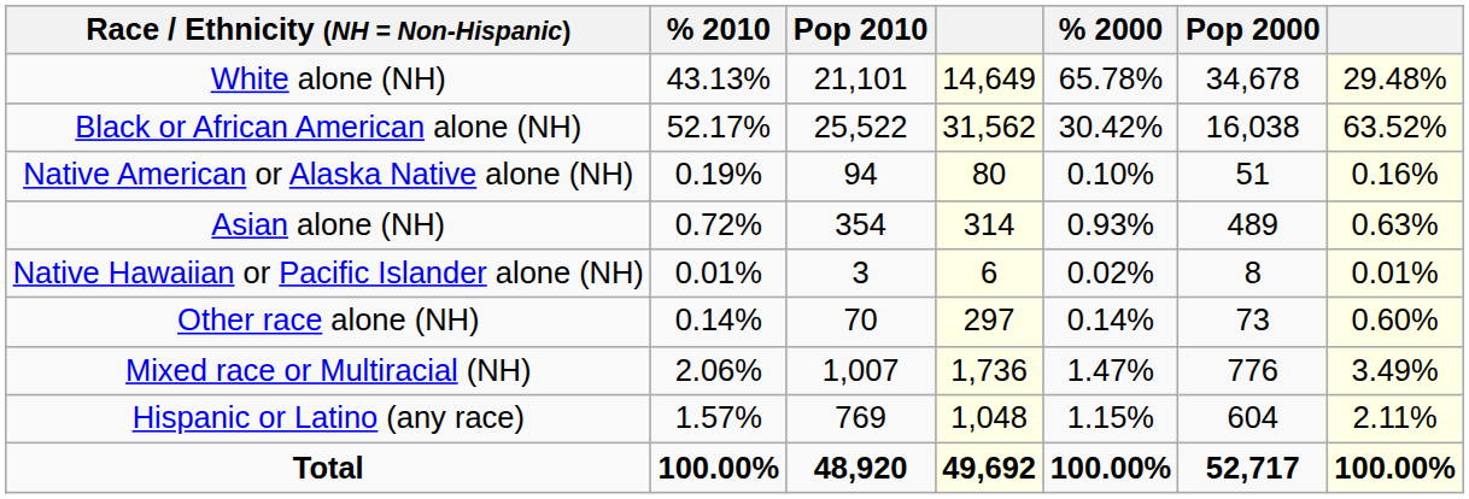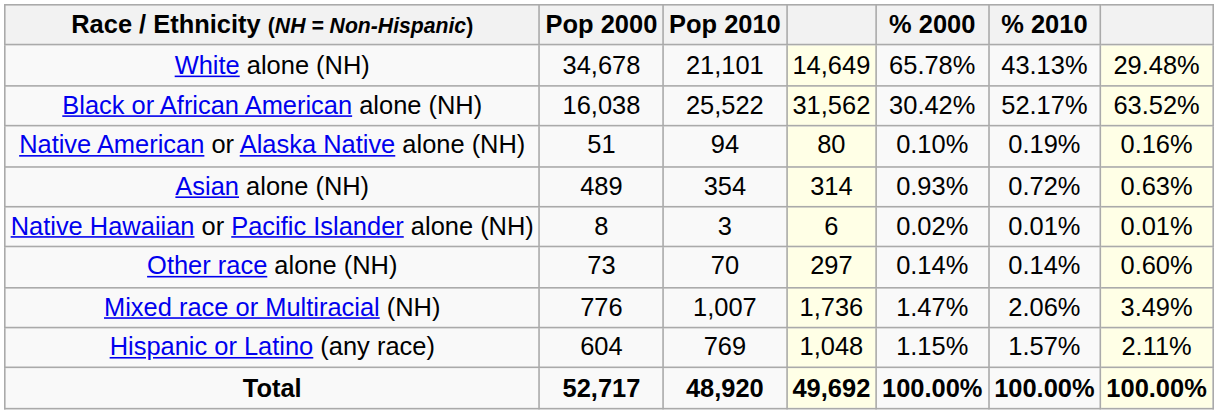 <table class="wikitable" style="text-align:center;">
 <tr>
 <th>Race / Ethnicity <small>(<em>NH = Non-Hispanic</em>)</small></th>
-<th>% 2010</th>
+<th>Pop 2000</th>
 <th>Pop 2010</th>
 <th></th>
 <th>% 2000</th>
-<th>Pop 2000</th>
+<th>% 2010</th>
 <th></th>
 </tr>
 <tr>
 <td><a href='#'>White</a> alone (NH)</td>
-<td>43.13%</td>
+<td>34,678</td>
 <td>21,101</td>
 <td style='background: #ffffe6;'>14,649</td>
 <td>65.78%</td>
-<td>34,678</td>
+<td>43.13%</td>
 <td style='background: #ffffe6;'>29.48%</td>
 </tr>
 <tr>
 <td><a href='#'>Black or African American</a> alone (NH)</td>
-<td>52.17%</td>
+<td>16,038</td>
 <td>25,522</td>
 <td style='background: #ffffe6;'>31,562</td>
 <td>30.42%</td>
-<td>16,038</td>
+<td>52.17%</td>
 <td style='background: #ffffe6;'>63.52%</td>
 </tr>
 <tr>
 <td><a href='#'>Native American</a> or <a href='#'>Alaska Native</a> alone (NH)</td>
-<td>0.19%</td>
+<td>51</td>
 <td>94</td>
 <td style='background: #ffffe6;'>80</td>
 <td>0.10%</td>
-<td>51</td>
+<td>0.19%</td>
 <td style='background: #ffffe6;'>0.16%</td>
 </tr>
 <tr>
 <td><a href='#'>Asian</a> alone (NH)</td>
-<td>0.72%</td>
+<td>489</td>
 <td>354</td>
 <td style='background: #ffffe6;'>314</td>
 <td>0.93%</td>
-<td>489</td>
+<td>0.72%</td>
 <td style='background: #ffffe6;'>0.63%</td>
 </tr>
 <tr>
 <td><a href='#'>Native Hawaiian</a> or <a href='#'>Pacific Islander</a> alone (NH)</td>
-<td>0.01%</td>
+<td>8</td>
 <td>3</td>
 <td style='background: #ffffe6;'>6</td>
 <td>0.02%</td>
-<td>8</td>
+<td>0.01%</td>
 <td style='background: #ffffe6;'>0.01%</td>
 </tr>
 <tr>
 <td><a href='#'>Other race</a> alone (NH)</td>
-<td>0.14%</td>
+<td>73</td>
 <td>70</td>
 <td style='background: #ffffe6;'>297</td>
 <td>0.14%</td>
-<td>73</td>
+<td>0.14%</td>
 <td style='background: #ffffe6;'>0.60%</td>
 </tr>
 <tr>
 <td><a href='#'>Mixed race or Multiracial</a> (NH)</td>
-<td>2.06%</td>
+<td>776</td>
 <td>1,007</td>
 <td style='background: #ffffe6;'>1,736</td>
 <td>1.47%</td>
-<td>776</td>
+<td>2.06%</td>
 <td style='background: #ffffe6;'>3.49%</td>
 </tr>
 <tr>
 <td><a href='#'>Hispanic or Latino</a> (any race)</td>
-<td>1.57%</td>
+<td>604</td>
 <td>769</td>
 <td style='background: #ffffe6;'>1,048</td>
 <td>1.15%</td>
-<td>604</td>
+<td>1.57%</td>
 <td style='background: #ffffe6;'>2.11%</td>
 </tr>
 <tr>
 <td><strong>Total</strong></td>
-<td><strong>100.00%</strong></td>
+<td><strong>52,717</strong></td>
 <td><strong>48,920</strong></td>
 <td style='background: #ffffe6;'><strong>49,692</strong></td>
 <td><strong>100.00%</strong></td>
-<td><strong>52,717</strong></td>
+<td><strong>100.00%</strong></td>
 <td style='background: #ffffe6;'><strong>100.00%</strong></td>
 </tr>
 </table>
